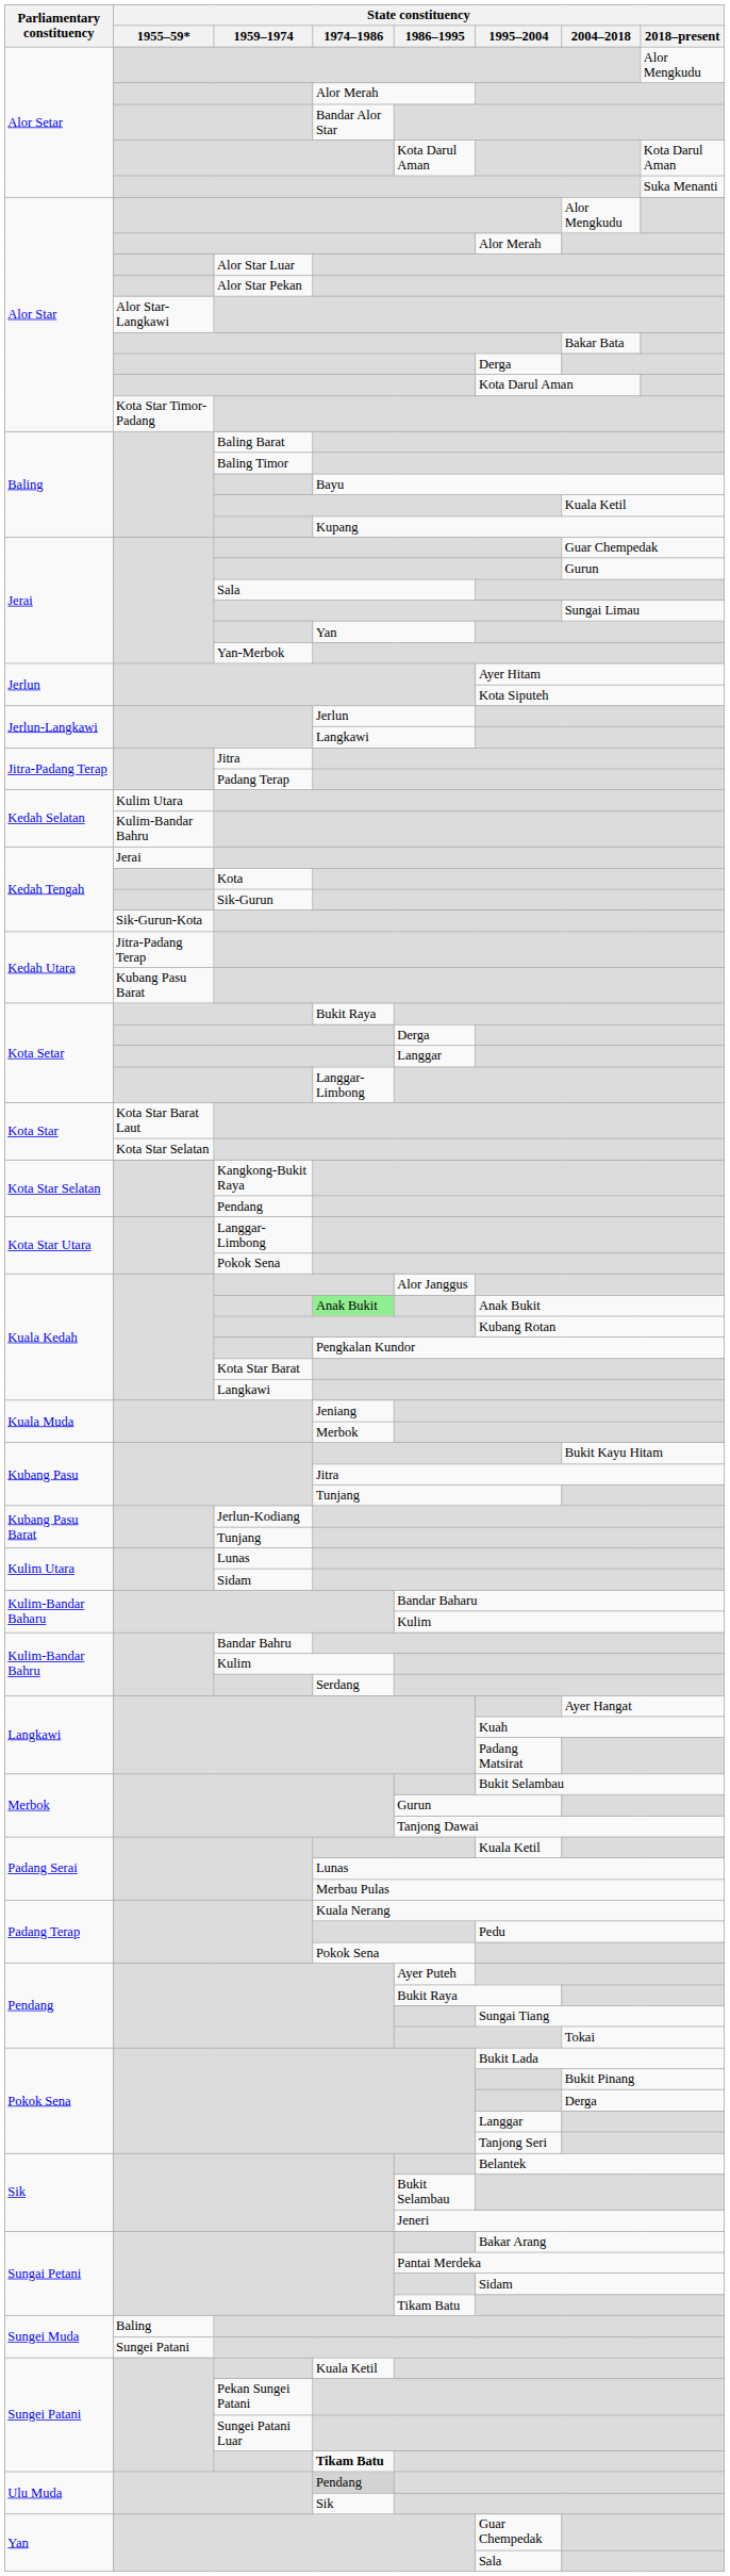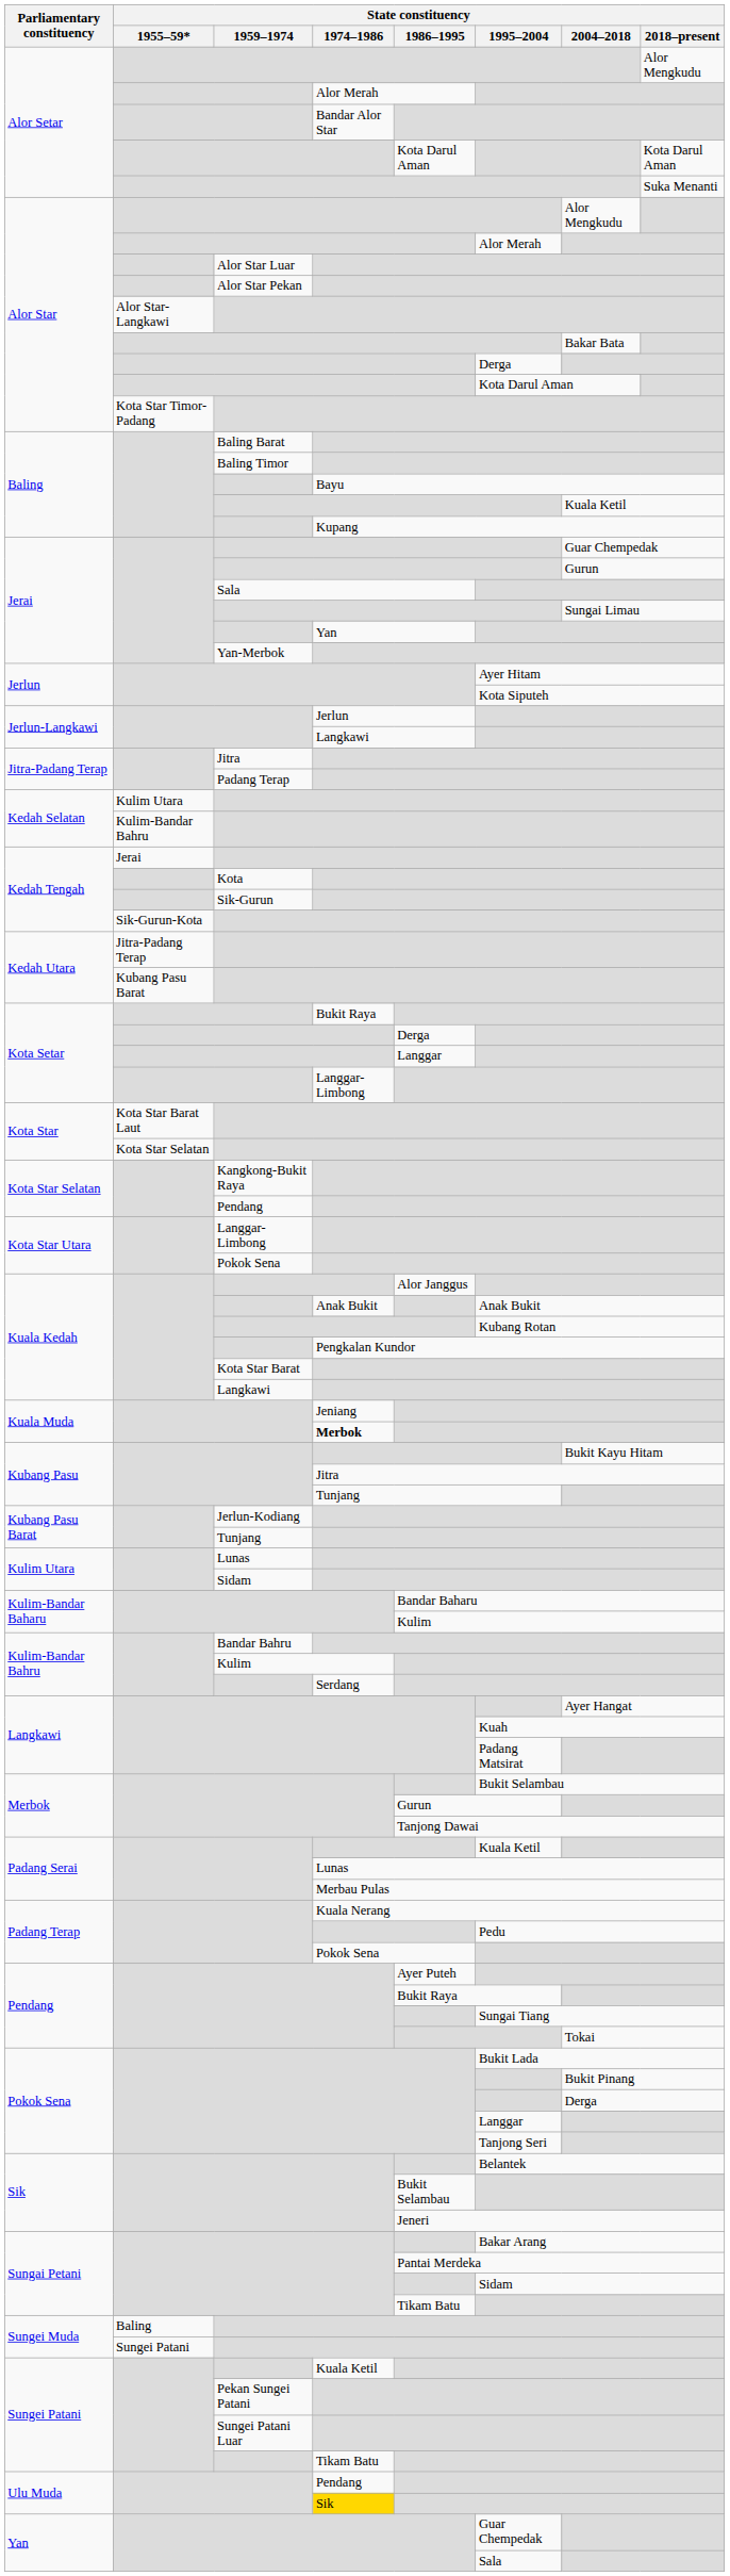 <table class=wikitable>
 <tr>
 <th rowspan=2>Parliamentary<br>constituency</th>
 <th colspan=7>State constituency</th>
 </tr>
 <tr>
 <th>1955–59*</th>
 <th>1959–1974</th>
 <th>1974–1986</th>
 <th>1986–1995</th>
 <th>1995–2004</th>
 <th>2004–2018</th>
 <th>2018–present</th>
 </tr>
 <tr>
 <td rowspan=5><a href='#'>Alor Setar</a></td>
 <td colspan="6" bgcolor="dcdcdc"></td>
 <td>Alor Mengkudu</td>
 </tr>
 <tr>
 <td colspan=2 bgcolor=dcdcdc></td>
 <td colspan=2>Alor Merah</td>
 <td colspan=3 bgcolor=dcdcdc></td>
 </tr>
 <tr>
 <td colspan=2 bgcolor=dcdcdc></td>
 <td>Bandar Alor Star</td>
 <td colspan=4 bgcolor=dcdcdc></td>
 </tr>
 <tr>
 <td colspan=3 bgcolor=dcdcdc></td>
 <td>Kota Darul Aman</td>
 <td colspan=2 bgcolor=dcdcdc></td>
 <td>Kota Darul Aman</td>
 </tr>
 <tr>
 <td colspan=6 bgcolor=dcdcdc></td>
 <td>Suka Menanti</td>
 </tr>
 <tr>
 <td rowspan=9><a href='#'>Alor Star</a></td>
 <td colspan="5" bgcolor="dcdcdc"></td>
 <td>Alor Mengkudu</td>
 <td bgcolor=dcdcdc></td>
 </tr>
 <tr>
 <td colspan=4 bgcolor=dcdcdc></td>
 <td>Alor Merah</td>
 <td colspan=2 bgcolor=dcdcdc></td>
 </tr>
 <tr>
 <td bgcolor=dcdcdc></td>
 <td>Alor Star Luar</td>
 <td colspan=5 bgcolor=dcdcdc></td>
 </tr>
 <tr>
 <td bgcolor=dcdcdc></td>
 <td>Alor Star Pekan</td>
 <td colspan=5 bgcolor=dcdcdc></td>
 </tr>
 <tr>
 <td>Alor Star-Langkawi</td>
 <td colspan=6 bgcolor=dcdcdc></td>
 </tr>
 <tr>
 <td colspan=5 bgcolor=dcdcdc></td>
 <td>Bakar Bata</td>
 <td bgcolor=dcdcdc></td>
 </tr>
 <tr>
 <td colspan=4 bgcolor=dcdcdc></td>
 <td>Derga</td>
 <td colspan=2 bgcolor=dcdcdc></td>
 </tr>
 <tr>
 <td colspan=4 bgcolor=dcdcdc></td>
 <td colspan=2>Kota Darul Aman</td>
 <td bgcolor=dcdcdc></td>
 </tr>
 <tr>
 <td>Kota Star Timor-Padang</td>
 <td colspan=6 bgcolor=dcdcdc></td>
 </tr>
 <tr>
 <td rowspan=5><a href='#'>Baling</a></td>
 <td rowspan="5" bgcolor="dcdcdc"></td>
 <td>Baling Barat</td>
 <td colspan=5 bgcolor=dcdcdc></td>
 </tr>
 <tr>
 <td>Baling Timor</td>
 <td colspan=5 bgcolor=dcdcdc></td>
 </tr>
 <tr>
 <td bgcolor=dcdcdc></td>
 <td colspan=5>Bayu</td>
 </tr>
 <tr>
 <td colspan=4 bgcolor=dcdcdc></td>
 <td colspan=2>Kuala Ketil</td>
 </tr>
 <tr>
 <td bgcolor=dcdcdc></td>
 <td colspan=5>Kupang</td>
 </tr>
 <tr>
 <td rowspan=6><a href='#'>Jerai</a></td>
 <td rowspan="6" bgcolor="dcdcdc"></td>
 <td colspan=4 bgcolor=dcdcdc></td>
 <td colspan=2>Guar Chempedak</td>
 </tr>
 <tr>
 <td colspan=4 bgcolor=dcdcdc></td>
 <td colspan=2>Gurun</td>
 </tr>
 <tr>
 <td colspan=3>Sala</td>
 <td colspan=3 bgcolor=dcdcdc></td>
 </tr>
 <tr>
 <td colspan=4 bgcolor=dcdcdc></td>
 <td colspan=2>Sungai Limau</td>
 </tr>
 <tr>
 <td bgcolor=dcdcdc></td>
 <td colspan=2>Yan</td>
 <td colspan=3 bgcolor=dcdcdc></td>
 </tr>
 <tr>
 <td>Yan-Merbok</td>
 <td colspan="5" bgcolor="dcdcdc"></td>
 </tr>
 <tr>
 <td rowspan=2><a href='#'>Jerlun</a></td>
 <td colspan="4" rowspan="2" bgcolor="dcdcdc"></td>
 <td colspan=3>Ayer Hitam</td>
 </tr>
 <tr>
 <td colspan=3>Kota Siputeh</td>
 </tr>
 <tr>
 <td rowspan=2><a href='#'>Jerlun-Langkawi</a></td>
 <td colspan="2" rowspan="2" bgcolor="dcdcdc"></td>
 <td colspan=2>Jerlun</td>
 <td colspan=3 bgcolor=dcdcdc></td>
 </tr>
 <tr>
 <td colspan=2>Langkawi</td>
 <td colspan=3 bgcolor=dcdcdc></td>
 </tr>
 <tr>
 <td rowspan=2><a href='#'>Jitra-Padang Terap</a></td>
 <td rowspan="2" bgcolor="dcdcdc"></td>
 <td>Jitra</td>
 <td colspan=5 bgcolor=dcdcdc></td>
 </tr>
 <tr>
 <td>Padang Terap</td>
 <td colspan=5 bgcolor=dcdcdc></td>
 </tr>
 <tr>
 <td rowspan=2><a href='#'>Kedah Selatan</a></td>
 <td>Kulim Utara</td>
 <td colspan=6 bgcolor=dcdcdc></td>
 </tr>
 <tr>
 <td>Kulim-Bandar Bahru</td>
 <td colspan=6 bgcolor=dcdcdc></td>
 </tr>
 <tr>
 <td rowspan=4><a href='#'>Kedah Tengah</a></td>
 <td>Jerai</td>
 <td colspan=6 bgcolor=dcdcdc></td>
 </tr>
 <tr>
 <td bgcolor=dcdcdc></td>
 <td>Kota</td>
 <td colspan=5 bgcolor=dcdcdc></td>
 </tr>
 <tr>
 <td bgcolor=dcdcdc></td>
 <td>Sik-Gurun</td>
 <td colspan=5 bgcolor=dcdcdc></td>
 </tr>
 <tr>
 <td>Sik-Gurun-Kota</td>
 <td colspan=6 bgcolor=dcdcdc></td>
 </tr>
 <tr>
 <td rowspan=2><a href='#'>Kedah Utara</a></td>
 <td>Jitra-Padang Terap</td>
 <td colspan=6 bgcolor=dcdcdc></td>
 </tr>
 <tr>
 <td>Kubang Pasu Barat</td>
 <td colspan=6 bgcolor=dcdcdc></td>
 </tr>
 <tr>
 <td rowspan="4"><a href='#'>Kota Setar</a></td>
 <td colspan="2" bgcolor="dcdcdc"></td>
 <td>Bukit Raya</td>
 <td colspan=4 bgcolor=dcdcdc></td>
 </tr>
 <tr>
 <td colspan=3 bgcolor=dcdcdc></td>
 <td>Derga</td>
 <td colspan=3 bgcolor=dcdcdc></td>
 </tr>
 <tr>
 <td colspan=3 bgcolor=dcdcdc></td>
 <td>Langgar</td>
 <td colspan=3 bgcolor=dcdcdc></td>
 </tr>
 <tr>
 <td colspan=2 bgcolor=dcdcdc></td>
 <td>Langgar-Limbong</td>
 <td colspan=4 bgcolor=dcdcdc></td>
 </tr>
 <tr>
 <td rowspan="2"><a href='#'>Kota Star</a></td>
 <td>Kota Star Barat Laut</td>
 <td colspan="6" bgcolor="dcdcdc"></td>
 </tr>
 <tr>
 <td>Kota Star Selatan</td>
 <td colspan="6" bgcolor="dcdcdc"></td>
 </tr>
 <tr>
 <td rowspan=2><a href='#'>Kota Star Selatan</a></td>
 <td rowspan="2" bgcolor="dcdcdc"></td>
 <td>Kangkong-Bukit Raya</td>
 <td colspan=5 bgcolor=dcdcdc></td>
 </tr>
 <tr>
 <td>Pendang</td>
 <td colspan=5 bgcolor=dcdcdc></td>
 </tr>
 <tr>
 <td rowspan=2><a href='#'>Kota Star Utara</a></td>
 <td rowspan="2" bgcolor="dcdcdc"></td>
 <td>Langgar-Limbong</td>
 <td colspan=5 bgcolor=dcdcdc></td>
 </tr>
 <tr>
 <td>Pokok Sena</td>
 <td colspan=5 bgcolor=dcdcdc></td>
 </tr>
 <tr>
 <td rowspan=6><a href='#'>Kuala Kedah</a></td>
 <td rowspan="6" bgcolor="dcdcdc"></td>
 <td colspan=2 bgcolor=dcdcdc></td>
 <td>Alor Janggus</td>
 <td colspan=3 bgcolor=dcdcdc></td>
 </tr>
 <tr>
 <td bgcolor=dcdcdc></td>
-<td style="background: lightgreen;">Anak Bukit</td>
+<td>Anak Bukit</td>
 <td bgcolor=dcdcdc></td>
 <td colspan=3>Anak Bukit</td>
 </tr>
 <tr>
 <td colspan=3 bgcolor=dcdcdc></td>
 <td colspan=3>Kubang Rotan</td>
 </tr>
 <tr>
 <td bgcolor=dcdcdc></td>
 <td colspan=5>Pengkalan Kundor</td>
 </tr>
 <tr>
 <td>Kota Star Barat</td>
 <td colspan=5 bgcolor=dcdcdc></td>
 </tr>
 <tr>
 <td>Langkawi</td>
 <td colspan=5 bgcolor=dcdcdc></td>
 </tr>
 <tr>
 <td rowspan=2><a href='#'>Kuala Muda</a></td>
 <td colspan="2" rowspan="2" bgcolor="dcdcdc"></td>
 <td>Jeniang</td>
 <td colspan=4 bgcolor=dcdcdc></td>
 </tr>
 <tr>
-<td>Merbok</td>
+<td><strong>Merbok</strong></td>
 <td colspan=4 bgcolor=dcdcdc></td>
 </tr>
 <tr>
 <td rowspan=3><a href='#'>Kubang Pasu</a></td>
 <td colspan="2" rowspan="3" bgcolor="dcdcdc"></td>
 <td colspan=3 bgcolor=dcdcdc></td>
 <td colspan=2>Bukit Kayu Hitam</td>
 </tr>
 <tr>
 <td colspan=5>Jitra</td>
 </tr>
 <tr>
 <td colspan=3>Tunjang</td>
 <td colspan=2 bgcolor=dcdcdc></td>
 </tr>
 <tr>
 <td rowspan=2><a href='#'>Kubang Pasu Barat</a></td>
 <td rowspan="2" bgcolor="dcdcdc"></td>
 <td>Jerlun-Kodiang</td>
 <td colspan=5 bgcolor=dcdcdc></td>
 </tr>
 <tr>
 <td>Tunjang</td>
 <td colspan=5 bgcolor=dcdcdc></td>
 </tr>
 <tr>
 <td rowspan=2><a href='#'>Kulim Utara</a></td>
 <td rowspan="2" bgcolor="dcdcdc"></td>
 <td>Lunas</td>
 <td colspan=5 bgcolor=dcdcdc></td>
 </tr>
 <tr>
 <td>Sidam</td>
 <td colspan=5 bgcolor=dcdcdc></td>
 </tr>
 <tr>
 <td rowspan=2><a href='#'>Kulim-Bandar Baharu</a></td>
 <td colspan="3" rowspan="2" bgcolor="dcdcdc"></td>
 <td colspan=4>Bandar Baharu</td>
 </tr>
 <tr>
 <td colspan=4>Kulim</td>
 </tr>
 <tr>
 <td rowspan=3><a href='#'>Kulim-Bandar Bahru</a></td>
 <td rowspan="3" bgcolor="dcdcdc"></td>
 <td>Bandar Bahru</td>
 <td colspan=5 bgcolor=dcdcdc></td>
 </tr>
 <tr>
 <td colspan=2>Kulim</td>
 <td colspan=4 bgcolor=dcdcdc></td>
 </tr>
 <tr>
 <td bgcolor=dcdcdc></td>
 <td>Serdang</td>
 <td colspan=4 bgcolor=dcdcdc></td>
 </tr>
 <tr>
 <td rowspan=3><a href='#'>Langkawi</a></td>
 <td colspan="4" rowspan="3" bgcolor="dcdcdc"></td>
 <td bgcolor=dcdcdc></td>
 <td colspan=2>Ayer Hangat</td>
 </tr>
 <tr>
 <td colspan=3>Kuah</td>
 </tr>
 <tr>
 <td>Padang Matsirat</td>
 <td colspan=2 bgcolor=dcdcdc></td>
 </tr>
 <tr>
 <td rowspan=3><a href='#'>Merbok</a></td>
 <td colspan="3" rowspan="3" bgcolor="dcdcdc"></td>
 <td bgcolor=dcdcdc></td>
 <td colspan=3>Bukit Selambau</td>
 </tr>
 <tr>
 <td colspan=2>Gurun</td>
 <td colspan=2 bgcolor=dcdcdc></td>
 </tr>
 <tr>
 <td colspan=4>Tanjong Dawai</td>
 </tr>
 <tr>
 <td rowspan=3><a href='#'>Padang Serai</a></td>
 <td colspan="2" rowspan="3" bgcolor="dcdcdc"></td>
 <td colspan=2 bgcolor=dcdcdc></td>
 <td>Kuala Ketil</td>
 <td colspan=2 bgcolor=dcdcdc></td>
 </tr>
 <tr>
 <td colspan=5>Lunas</td>
 </tr>
 <tr>
 <td colspan=5>Merbau Pulas</td>
 </tr>
 <tr>
 <td rowspan=3><a href='#'>Padang Terap</a></td>
 <td colspan="2" rowspan="3" bgcolor="dcdcdc"></td>
 <td colspan=5>Kuala Nerang</td>
 </tr>
 <tr>
 <td colspan=2 bgcolor=dcdcdc></td>
 <td colspan=3>Pedu</td>
 </tr>
 <tr>
 <td colspan=2>Pokok Sena</td>
 <td colspan=3 bgcolor=dcdcdc></td>
 </tr>
 <tr>
 <td rowspan=4><a href='#'>Pendang</a></td>
 <td colspan="3" rowspan="4" bgcolor="dcdcdc"></td>
 <td>Ayer Puteh</td>
 <td colspan=3 bgcolor=dcdcdc></td>
 </tr>
 <tr>
 <td colspan=2>Bukit Raya</td>
 <td colspan=2 bgcolor=dcdcdc></td>
 </tr>
 <tr>
 <td bgcolor=dcdcdc></td>
 <td colspan=3>Sungai Tiang</td>
 </tr>
 <tr>
 <td colspan=2 bgcolor=dcdcdc></td>
 <td colspan=2>Tokai</td>
 </tr>
 <tr>
 <td rowspan=5><a href='#'>Pokok Sena</a></td>
 <td colspan="4" rowspan="5" bgcolor="dcdcdc"></td>
 <td colspan=3>Bukit Lada</td>
 </tr>
 <tr>
 <td bgcolor=dcdcdc></td>
 <td colspan=2>Bukit Pinang</td>
 </tr>
 <tr>
 <td bgcolor=dcdcdc></td>
 <td colspan=2>Derga</td>
 </tr>
 <tr>
 <td>Langgar</td>
 <td colspan=2 bgcolor=dcdcdc></td>
 </tr>
 <tr>
 <td>Tanjong Seri</td>
 <td colspan=2 bgcolor=dcdcdc></td>
 </tr>
 <tr>
 <td rowspan=3><a href='#'>Sik</a></td>
 <td colspan="3" rowspan="3" bgcolor="dcdcdc"></td>
 <td bgcolor=dcdcdc></td>
 <td colspan=3>Belantek</td>
 </tr>
 <tr>
 <td>Bukit Selambau</td>
 <td colspan="3" bgcolor="dcdcdc"></td>
 </tr>
 <tr>
 <td colspan=4>Jeneri</td>
 </tr>
 <tr>
 <td rowspan=4><a href='#'>Sungai Petani</a></td>
 <td colspan="3" rowspan="4" bgcolor="dcdcdc"></td>
 <td bgcolor=dcdcdc></td>
 <td colspan=3>Bakar Arang</td>
 </tr>
 <tr>
 <td colspan=4>Pantai Merdeka</td>
 </tr>
 <tr>
 <td bgcolor=dcdcdc></td>
 <td colspan=3>Sidam</td>
 </tr>
 <tr>
 <td>Tikam Batu</td>
 <td colspan=3 bgcolor=dcdcdc></td>
 </tr>
 <tr>
 <td rowspan=2><a href='#'>Sungei Muda</a></td>
 <td>Baling</td>
 <td colspan=6 bgcolor=dcdcdc></td>
 </tr>
 <tr>
 <td>Sungei Patani</td>
 <td colspan=6 bgcolor=dcdcdc></td>
 </tr>
 <tr>
 <td rowspan=4><a href='#'>Sungei Patani</a></td>
 <td rowspan="4" bgcolor="dcdcdc"></td>
 <td bgcolor=dcdcdc></td>
 <td>Kuala Ketil</td>
 <td colspan=4 bgcolor=dcdcdc></td>
 </tr>
 <tr>
 <td>Pekan Sungei Patani</td>
 <td colspan=5 bgcolor=dcdcdc></td>
 </tr>
 <tr>
 <td>Sungei Patani Luar</td>
 <td colspan=5 bgcolor=dcdcdc></td>
 </tr>
 <tr>
 <td bgcolor=dcdcdc></td>
-<td><strong>Tikam Batu</strong></td>
+<td>Tikam Batu</td>
 <td colspan=4 bgcolor=dcdcdc></td>
 </tr>
 <tr>
 <td rowspan=2><a href='#'>Ulu Muda</a></td>
 <td colspan="2" rowspan="2" bgcolor="dcdcdc"></td>
-<td style="background: lightgrey;">Pendang</td>
+<td>Pendang</td>
 <td colspan=4 bgcolor=dcdcdc></td>
 </tr>
 <tr>
-<td>Sik</td>
+<td style="background: gold;">Sik</td>
 <td colspan=4 bgcolor=dcdcdc></td>
 </tr>
 <tr>
 <td rowspan=2><a href='#'>Yan</a></td>
 <td colspan="4" rowspan="2" bgcolor="dcdcdc"></td>
 <td>Guar Chempedak</td>
 <td colspan=2 bgcolor=dcdcdc></td>
 </tr>
 <tr>
 <td>Sala</td>
 <td colspan=2 bgcolor=dcdcdc></td>
 </tr>
 </table>
